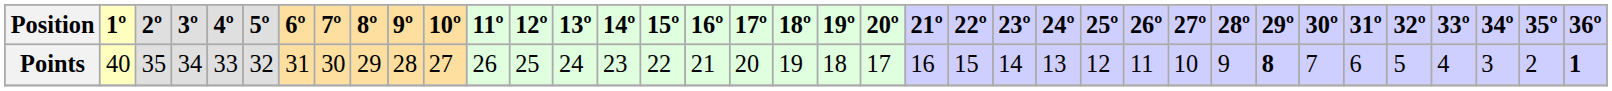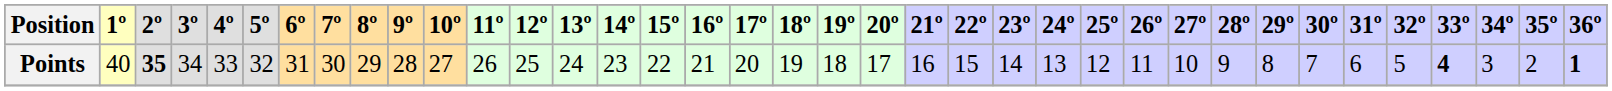 <table class="wikitable sortable" style="font-size:85%">
 <tr>
 <th>Position</th>
 <td style="background-color:#ffffbf"><strong>1º</strong></td>
 <td style="background-color:#dfdfdf"><strong>2º</strong></td>
 <td style="background-color:#dfdfdf"><strong>3º</strong></td>
 <td style="background-color:#dfdfdf"><strong>4º</strong></td>
 <td style="background-color:#dfdfdf"><strong>5º</strong></td>
 <td style="background-color:#ffdf9f"><strong>6º</strong></td>
 <td style="background-color:#ffdf9f"><strong>7º</strong></td>
 <td style="background-color:#ffdf9f"><strong>8º</strong></td>
 <td style="background-color:#ffdf9f"><strong>9º</strong></td>
 <td style="background-color:#ffdf9f"><strong>10º</strong></td>
 <td style="background-color:#dfffdf"><strong>11º</strong></td>
 <td style="background-color:#dfffdf"><strong>12º</strong></td>
 <td style="background-color:#dfffdf"><strong>13º</strong></td>
 <td style="background-color:#dfffdf"><strong>14º</strong></td>
 <td style="background-color:#dfffdf"><strong>15º</strong></td>
 <td style="background-color:#dfffdf"><strong>16º</strong></td>
 <td style="background-color:#dfffdf"><strong>17º</strong></td>
 <td style="background-color:#dfffdf"><strong>18º</strong></td>
 <td style="background-color:#dfffdf"><strong>19º</strong></td>
 <td style="background-color:#dfffdf"><strong>20º</strong></td>
 <td style="background-color:#cfcfff"><strong>21º</strong></td>
 <td style="background-color:#cfcfff"><strong>22º</strong></td>
 <td style="background-color:#cfcfff"><strong>23º</strong></td>
 <td style="background-color:#cfcfff"><strong>24º</strong></td>
 <td style="background-color:#cfcfff"><strong>25º</strong></td>
 <td style="background-color:#cfcfff"><strong>26º</strong></td>
 <td style="background-color:#cfcfff"><strong>27º</strong></td>
 <td style="background-color:#cfcfff"><strong>28º</strong></td>
 <td style="background-color:#cfcfff"><strong>29º</strong></td>
 <td style="background-color:#cfcfff"><strong>30º</strong></td>
 <td style="background-color:#cfcfff"><strong>31º</strong></td>
 <td style="background-color:#cfcfff"><strong>32º</strong></td>
 <td style="background-color:#cfcfff"><strong>33º</strong></td>
 <td style="background-color:#cfcfff"><strong>34º</strong></td>
 <td style="background-color:#cfcfff"><strong>35º</strong></td>
 <td style="background-color:#cfcfff"><strong>36º</strong></td>
 </tr>
 <tr>
 <th>Points</th>
 <td style="background-color:#ffffbf">40</td>
-<td style="background-color:#dfdfdf">35</td>
+<td style="background-color:#dfdfdf"><strong>35</strong></td>
 <td style="background-color:#dfdfdf">34</td>
 <td style="background-color:#dfdfdf">33</td>
 <td style="background-color:#dfdfdf">32</td>
 <td style="background-color:#ffdf9f">31</td>
 <td style="background-color:#ffdf9f">30</td>
 <td style="background-color:#ffdf9f">29</td>
 <td style="background-color:#ffdf9f">28</td>
 <td style="background-color:#ffdf9f">27</td>
 <td style="background-color:#dfffdf">26</td>
 <td style="background-color:#dfffdf">25</td>
 <td style="background-color:#dfffdf">24</td>
 <td style="background-color:#dfffdf">23</td>
 <td style="background-color:#dfffdf">22</td>
 <td style="background-color:#dfffdf">21</td>
 <td style="background-color:#dfffdf">20</td>
 <td style="background-color:#dfffdf">19</td>
 <td style="background-color:#dfffdf">18</td>
 <td style="background-color:#dfffdf">17</td>
 <td style="background-color:#cfcfff">16</td>
 <td style="background-color:#cfcfff">15</td>
 <td style="background-color:#cfcfff">14</td>
 <td style="background-color:#cfcfff">13</td>
 <td style="background-color:#cfcfff">12</td>
 <td style="background-color:#cfcfff">11</td>
 <td style="background-color:#cfcfff">10</td>
 <td style="background-color:#cfcfff">9</td>
-<td style="background-color:#cfcfff"><strong>8</strong></td>
+<td style="background-color:#cfcfff">8</td>
 <td style="background-color:#cfcfff">7</td>
 <td style="background-color:#cfcfff">6</td>
 <td style="background-color:#cfcfff">5</td>
-<td style="background-color:#cfcfff">4</td>
+<td style="background-color:#cfcfff"><strong>4</strong></td>
 <td style="background-color:#cfcfff">3</td>
 <td style="background-color:#cfcfff">2</td>
 <td style="background-color:#cfcfff"><strong>1</strong></td>
 </tr>
 <tr>
 </tr>
 </table>
